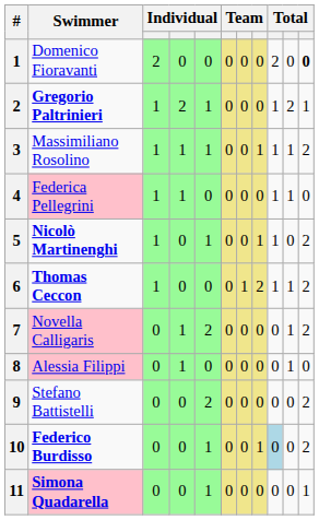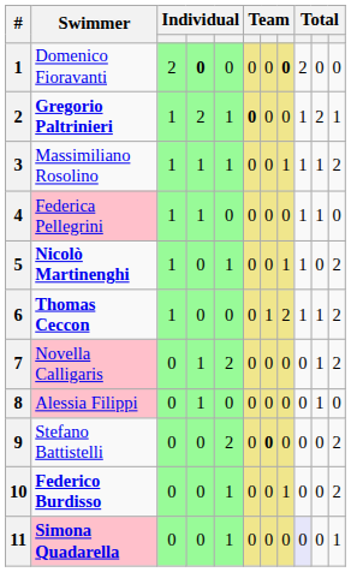 <table class="wikitable" width=45% style="font-size:90%; text-align:center;">
 <tr>
 <th rowspan=2>#</th>
 <th rowspan=2>Swimmer</th>
 <th colspan=3>Individual</th>
 <th colspan=3>Team</th>
 <th colspan=3>Total</th>
 </tr>
 <tr>
 <th></th>
 <th></th>
 <th></th>
 <th></th>
 <th></th>
 <th></th>
 <th></th>
 <th></th>
 <th></th>
 </tr>
 <tr>
 <th>1</th>
 <td align=left><a href='#'>Domenico Fioravanti</a></td>
 <td bgcolor=PaleGreen>2</td>
-<td bgcolor=PaleGreen>0</td>
+<td bgcolor=PaleGreen><strong>0</strong></td>
 <td bgcolor=PaleGreen>0</td>
 <td bgcolor=Khaki>0</td>
 <td bgcolor=Khaki>0</td>
-<td bgcolor=Khaki>0</td>
+<td bgcolor=Khaki><strong>0</strong></td>
 <td>2</td>
 <td>0</td>
-<td><strong>0</strong></td>
+<td>0</td>
 </tr>
 <tr>
 <th>2</th>
 <td align=left><strong><a href='#'>Gregorio Paltrinieri</a></strong></td>
 <td bgcolor=PaleGreen>1</td>
 <td bgcolor=PaleGreen>2</td>
 <td bgcolor=PaleGreen>1</td>
-<td bgcolor=Khaki>0</td>
+<td bgcolor=Khaki><strong>0</strong></td>
 <td bgcolor=Khaki>0</td>
 <td bgcolor=Khaki>0</td>
 <td>1</td>
 <td>2</td>
 <td>1</td>
 </tr>
 <tr>
 <th>3</th>
 <td align=left><a href='#'>Massimiliano Rosolino</a></td>
 <td bgcolor=PaleGreen>1</td>
 <td bgcolor=PaleGreen>1</td>
 <td bgcolor=PaleGreen>1</td>
 <td bgcolor=Khaki>0</td>
 <td bgcolor=Khaki>0</td>
 <td bgcolor=Khaki>1</td>
 <td>1</td>
 <td>1</td>
 <td>2</td>
 </tr>
 <tr>
 <th>4</th>
 <td align=left bgcolor=pink><a href='#'>Federica Pellegrini</a></td>
 <td bgcolor=PaleGreen>1</td>
 <td bgcolor=PaleGreen>1</td>
 <td bgcolor=PaleGreen>0</td>
 <td bgcolor=Khaki>0</td>
 <td bgcolor=Khaki>0</td>
 <td bgcolor=Khaki>0</td>
 <td>1</td>
 <td>1</td>
 <td>0</td>
 </tr>
 <tr>
 <th>5</th>
 <td align=left><strong><a href='#'>Nicolò Martinenghi</a></strong></td>
 <td bgcolor=PaleGreen>1</td>
 <td bgcolor=PaleGreen>0</td>
 <td bgcolor=PaleGreen>1</td>
 <td bgcolor=Khaki>0</td>
 <td bgcolor=Khaki>0</td>
 <td bgcolor=Khaki>1</td>
 <td>1</td>
 <td>0</td>
 <td>2</td>
 </tr>
 <tr>
 <th>6</th>
 <td align=left><strong><a href='#'>Thomas Ceccon</a></strong></td>
 <td bgcolor=PaleGreen>1</td>
 <td bgcolor=PaleGreen>0</td>
 <td bgcolor=PaleGreen>0</td>
 <td bgcolor=Khaki>0</td>
 <td bgcolor=Khaki>1</td>
 <td bgcolor=Khaki>2</td>
 <td>1</td>
 <td>1</td>
 <td>2</td>
 </tr>
 <tr>
 <th>7</th>
 <td align=left bgcolor=pink><a href='#'>Novella Calligaris</a></td>
 <td bgcolor=PaleGreen>0</td>
 <td bgcolor=PaleGreen>1</td>
 <td bgcolor=PaleGreen>2</td>
 <td bgcolor=Khaki>0</td>
 <td bgcolor=Khaki>0</td>
 <td bgcolor=Khaki>0</td>
 <td>0</td>
 <td>1</td>
 <td>2</td>
 </tr>
 <tr>
 <th>8</th>
 <td align=left bgcolor=pink><a href='#'>Alessia Filippi</a></td>
 <td bgcolor=PaleGreen>0</td>
 <td bgcolor=PaleGreen>1</td>
 <td bgcolor=PaleGreen>0</td>
 <td bgcolor=Khaki>0</td>
 <td bgcolor=Khaki>0</td>
 <td bgcolor=Khaki>0</td>
 <td>0</td>
 <td>1</td>
 <td>0</td>
 </tr>
 <tr>
 <th>9</th>
 <td align=left><a href='#'>Stefano Battistelli</a></td>
 <td bgcolor=PaleGreen>0</td>
 <td bgcolor=PaleGreen>0</td>
 <td bgcolor=PaleGreen>2</td>
 <td bgcolor=Khaki>0</td>
-<td bgcolor=Khaki>0</td>
+<td bgcolor=Khaki><strong>0</strong></td>
 <td bgcolor=Khaki>0</td>
 <td>0</td>
 <td>0</td>
 <td>2</td>
 </tr>
 <tr>
 <th>10</th>
 <td align=left><strong><a href='#'>Federico Burdisso</a></strong></td>
 <td bgcolor=PaleGreen>0</td>
 <td bgcolor=PaleGreen>0</td>
 <td bgcolor=PaleGreen>1</td>
 <td bgcolor=Khaki>0</td>
 <td bgcolor=Khaki>0</td>
 <td bgcolor=Khaki>1</td>
-<td style="background: lightblue;">0</td>
+<td>0</td>
 <td>0</td>
 <td>2</td>
 </tr>
 <tr>
 <th>11</th>
 <td align=left bgcolor=pink><strong><a href='#'>Simona Quadarella</a></strong></td>
 <td bgcolor=PaleGreen>0</td>
 <td bgcolor=PaleGreen>0</td>
 <td bgcolor=PaleGreen>1</td>
 <td bgcolor=Khaki>0</td>
 <td bgcolor=Khaki>0</td>
 <td bgcolor=Khaki>0</td>
-<td>0</td>
+<td style="background: lavender;">0</td>
 <td>0</td>
 <td>1</td>
 </tr>
 </table>
